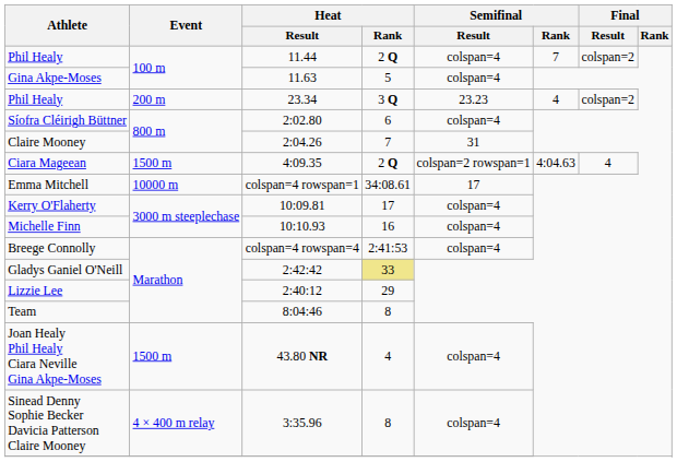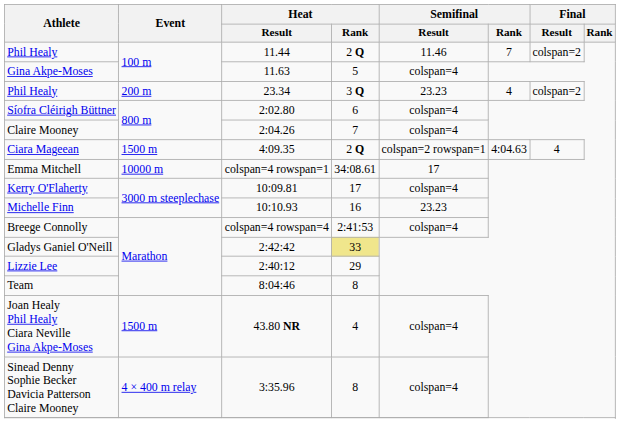 <table class="wikitable" style="font-size:90%">
 <tr>
 <th rowspan=2>Athlete</th>
 <th rowspan=2>Event</th>
 <th colspan=2>Heat</th>
 <th colspan=2>Semifinal</th>
 <th colspan=2>Final</th>
 </tr>
 <tr style="font-size:95%">
 <th>Result</th>
 <th>Rank</th>
 <th>Result</th>
 <th>Rank</th>
 <th>Result</th>
 <th>Rank</th>
 </tr>
 <tr align=center>
 <td align=left><a href='#'>Phil Healy</a></td>
 <td style="text-align:left;" rowspan="2"><a href='#'>100 m</a></td>
 <td>11.44</td>
 <td>2 <strong>Q</strong></td>
-<td>colspan=4 </td>
+<td>11.46</td>
 <td>7</td>
 <td>colspan=2 </td>
 </tr>
 <tr align=center>
 <td align=left><a href='#'>Gina Akpe-Moses</a></td>
 <td>11.63</td>
 <td>5</td>
 <td>colspan=4 </td>
 </tr>
 <tr align=center>
 <td align=left><a href='#'>Phil Healy</a></td>
 <td style="text-align:left;" rowspan="1"><a href='#'>200 m</a></td>
 <td>23.34</td>
 <td>3 <strong>Q</strong></td>
 <td>23.23</td>
 <td>4</td>
 <td>colspan=2 </td>
 </tr>
 <tr align=center>
 <td align=left><a href='#'>Síofra Cléirigh Büttner</a></td>
 <td style="text-align:left;" rowspan="2"><a href='#'>800 m</a></td>
 <td>2:02.80</td>
 <td>6</td>
 <td>colspan=4 </td>
 </tr>
 <tr align=center>
 <td align=left>Claire Mooney</td>
 <td>2:04.26</td>
 <td>7</td>
-<td>31</td>
+<td>colspan=4 </td>
 </tr>
 <tr align=center>
 <td align=left><a href='#'>Ciara Mageean</a></td>
 <td style="text-align:left;" rowspan="1"><a href='#'>1500 m</a></td>
 <td>4:09.35</td>
 <td>2 <strong>Q</strong></td>
 <td>colspan=2 rowspan=1 </td>
 <td>4:04.63</td>
 <td>4</td>
 </tr>
 <tr align=center>
 <td align=left>Emma Mitchell</td>
 <td align=left rowspan=1><a href='#'>10000 m</a></td>
 <td>colspan=4 rowspan=1 </td>
 <td>34:08.61</td>
 <td>17</td>
 </tr>
 <tr align=center>
 <td align=left><a href='#'>Kerry O'Flaherty</a></td>
 <td style="text-align:left;" rowspan="2"><a href='#'>3000 m steeplechase</a></td>
 <td>10:09.81</td>
 <td>17</td>
 <td>colspan=4 </td>
 </tr>
 <tr align=center>
 <td align=left><a href='#'>Michelle Finn</a></td>
 <td>10:10.93</td>
 <td>16</td>
-<td>colspan=4 </td>
+<td>23.23</td>
 </tr>
 <tr align=center>
 <td align=left>Breege Connolly</td>
 <td style="text-align:left;" rowspan="4"><a href='#'>Marathon</a></td>
 <td>colspan=4 rowspan=4 </td>
 <td>2:41:53</td>
 <td>colspan=4 </td>
 </tr>
 <tr align=center>
 <td align=left>Gladys Ganiel O'Neill</td>
 <td>2:42:42</td>
 <td style="background: khaki;">33</td>
 </tr>
 <tr align=center>
 <td align=left><a href='#'>Lizzie Lee</a></td>
 <td>2:40:12</td>
 <td>29</td>
 </tr>
 <tr align=center>
 <td align=left>Team</td>
 <td>8:04:46</td>
 <td>8</td>
 </tr>
 <tr align=center>
 <td align=left>Joan Healy<br><a href='#'>Phil Healy</a><br>Ciara Neville<br><a href='#'>Gina Akpe-Moses</a><br></td>
 <td style="text-align:left;" rowspan="1"><a href='#'>1500 m</a></td>
 <td>43.80 <strong>NR</strong></td>
 <td>4</td>
 <td>colspan=4 </td>
 </tr>
 <tr align=center>
 <td align=left>Sinead Denny<br>Sophie Becker<br>Davicia Patterson<br>Claire Mooney<br></td>
 <td align=left><a href='#'>4 × 400 m relay</a></td>
 <td>3:35.96</td>
 <td>8</td>
 <td>colspan=4 </td>
 </tr>
 <tr align=center>
 </tr>
 </table>
